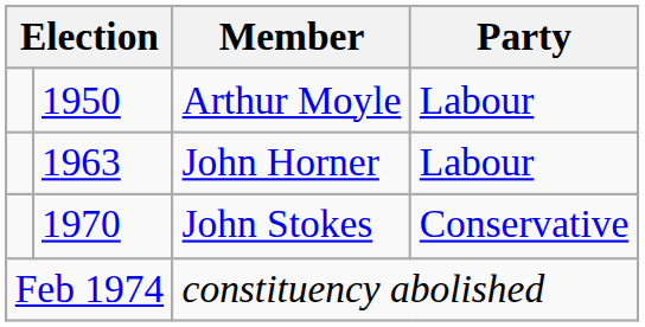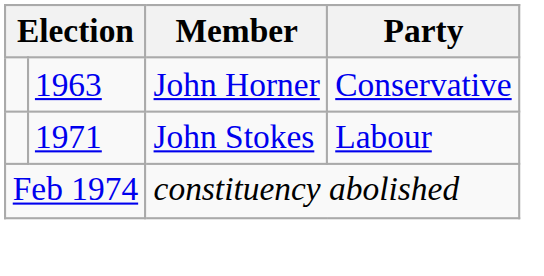 <table class="wikitable">
 <tr>
 <th colspan="2">Election</th>
 <th>Member</th>
 <th>Party</th>
 </tr>
 <tr>
 <td style="color:inherit;background-color: "></td>
-<td><a href='#'>1950</a></td>
-<td><a href='#'>Arthur Moyle</a></td>
-<td><a href='#'>Labour</a></td>
+<td><a href='#'>1963</a></td>
+<td><a href='#'>John Horner</a></td>
+<td><a href='#'>Conservative</a></td>
 </tr>
 <tr>
 <td style="color:inherit;background-color: "></td>
-<td><a href='#'>1963</a></td>
-<td><a href='#'>John Horner</a></td>
+<td><a href='#'>1971</a></td>
+<td><a href='#'>John Stokes</a></td>
 <td><a href='#'>Labour</a></td>
-</tr>
-<tr>
-<td style="color:inherit;background-color: "></td>
-<td><a href='#'>1970</a></td>
-<td><a href='#'>John Stokes</a></td>
-<td><a href='#'>Conservative</a></td>
 </tr>
 <tr>
 <td colspan="2" align="center"><a href='#'>Feb 1974</a></td>
 <td colspan="2"><em>constituency abolished</em></td>
 </tr>
 </table>
